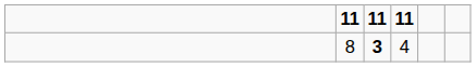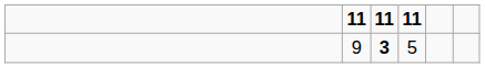 <table class="wikitable">
 <tr>
 <td style="width:18em"><strong></strong></td>
 <td align=center style="width:1em"><strong>11</strong></td>
 <td align=center style="width:1em"><strong>11</strong></td>
 <td align=center style="width:1em"><strong>11</strong></td>
 <td align=center style="width:1em"></td>
 <td align=center style="width:1em"></td>
 </tr>
 <tr>
 <td style="width:18em"></td>
-<td align=center style="width:1em">8</td>
+<td align=center style="width:1em">9</td>
 <td align=center style="width:1em"><strong>3</strong></td>
-<td align=center style="width:1em">4</td>
+<td align=center style="width:1em">5</td>
 <td align=center style="width:1em"></td>
 <td align=center style="width:1em"></td>
 </tr>
 </table>
